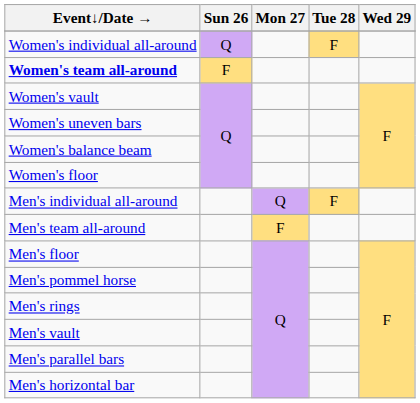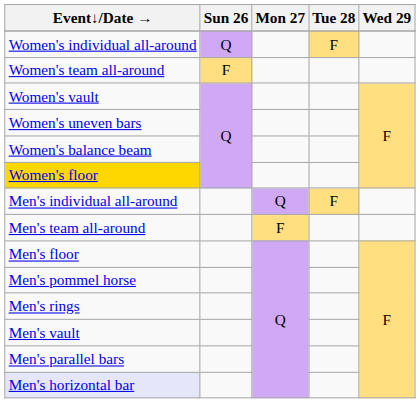 <table class="wikitable" style="margin:0.5em auto; font-size:90%; line-height:1.25em;">
 <tr align="center">
 <th>Event↓/Date →</th>
 <th>Sun 26</th>
 <th>Mon 27</th>
 <th>Tue 28</th>
 <th>Wed 29</th>
 </tr>
 <tr>
 </tr>
 <tr align="center">
 <td align="left"><a href='#'>Women's individual all-around</a></td>
 <td bgcolor="#D0A9F5">Q</td>
 <td></td>
 <td bgcolor="#FFDF80">F</td>
 <td></td>
 </tr>
 <tr align="center">
-<td align="left"><strong><a href='#'>Women's team all-around</a></strong></td>
+<td align="left"><a href='#'>Women's team all-around</a></td>
 <td bgcolor="#FFDF80">F</td>
 <td></td>
 <td></td>
 <td></td>
 </tr>
 <tr align="center">
 <td align="left"><a href='#'>Women's vault</a></td>
 <td rowspan="4" bgcolor="#D0A9F5">Q</td>
 <td></td>
 <td></td>
 <td rowspan="4" bgcolor="#FFDF80">F</td>
 </tr>
 <tr align="center">
 <td align="left"><a href='#'>Women's uneven bars</a></td>
 <td></td>
 <td></td>
 </tr>
 <tr align="center">
 <td align="left"><a href='#'>Women's balance beam</a></td>
 <td></td>
 <td></td>
 </tr>
 <tr align="center">
-<td align="left"><a href='#'>Women's floor</a></td>
+<td align="left" style="background: gold;"><a href='#'>Women's floor</a></td>
 <td></td>
 <td></td>
 </tr>
 <tr align="center">
 <td align="left"><a href='#'>Men's individual all-around</a></td>
 <td></td>
 <td bgcolor="#D0A9F5">Q</td>
 <td bgcolor="#FFDF80">F</td>
 <td></td>
 </tr>
 <tr align="center">
 <td align="left"><a href='#'>Men's team all-around</a></td>
 <td></td>
 <td bgcolor="#FFDF80">F</td>
 <td></td>
 <td></td>
 </tr>
 <tr align="center">
 <td align="left"><a href='#'>Men's floor</a></td>
 <td></td>
 <td rowspan="7" bgcolor="#D0A9F5">Q</td>
 <td></td>
 <td rowspan=6 bgcolor="#FFDF80">F</td>
 </tr>
 <tr align="center">
 <td align="left"><a href='#'>Men's pommel horse</a></td>
 <td></td>
 <td></td>
 </tr>
 <tr align="center">
 <td align="left"><a href='#'>Men's rings</a></td>
 <td></td>
 <td></td>
 </tr>
 <tr align="center">
 <td align="left"><a href='#'>Men's vault</a></td>
 <td></td>
 <td></td>
 </tr>
 <tr align="center">
 <td align="left"><a href='#'>Men's parallel bars</a></td>
 <td></td>
 <td></td>
 </tr>
 <tr align="center">
-<td align="left"><a href='#'>Men's horizontal bar</a></td>
+<td align="left" style="background: lavender;"><a href='#'>Men's horizontal bar</a></td>
 <td></td>
 <td></td>
 </tr>
 </table>
